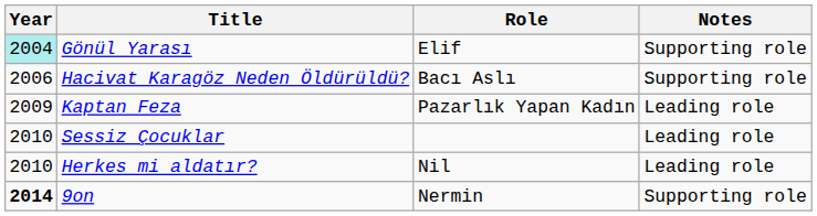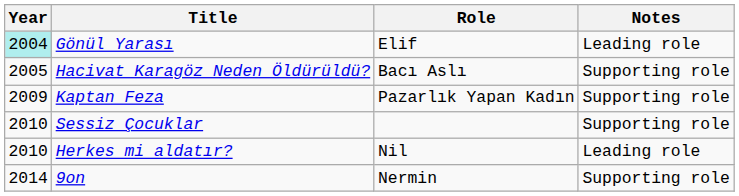 <table class="wikitable">
 <tr>
 <th>Year</th>
 <th>Title</th>
 <th>Role</th>
 <th>Notes</th>
 </tr>
 <tr>
 <td style="background: paleturquoise;">2004</td>
 <td><em><a href='#'>Gönül Yarası</a></em></td>
 <td>Elif</td>
-<td>Supporting role</td>
+<td>Leading role</td>
 </tr>
 <tr>
-<td>2006</td>
+<td>2005</td>
 <td><em><a href='#'>Hacivat Karagöz Neden Öldürüldü?</a></em></td>
 <td>Bacı Aslı</td>
 <td>Supporting role</td>
 </tr>
 <tr>
 <td>2009</td>
 <td><em><a href='#'>Kaptan Feza</a></em></td>
 <td>Pazarlık Yapan Kadın</td>
-<td>Leading role</td>
+<td>Supporting role</td>
 </tr>
 <tr>
 <td>2010</td>
 <td><em><a href='#'>Sessiz Çocuklar</a></em></td>
 <td></td>
-<td>Leading role</td>
+<td>Supporting role</td>
 </tr>
 <tr>
 <td>2010</td>
 <td><em><a href='#'>Herkes mi aldatır?</a></em></td>
 <td>Nil</td>
 <td>Leading role</td>
 </tr>
 <tr>
-<td><strong>2014</strong></td>
+<td>2014</td>
 <td><a href='#'><em>9on</em></a></td>
 <td>Nermin</td>
 <td>Supporting role</td>
 </tr>
 </table>
